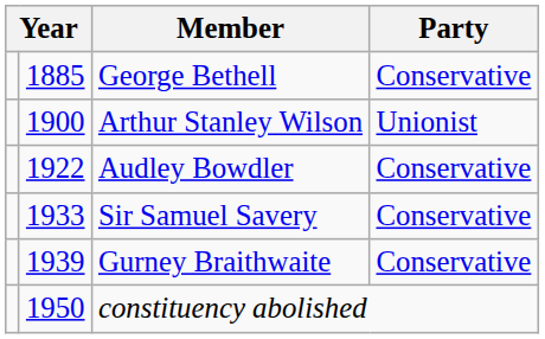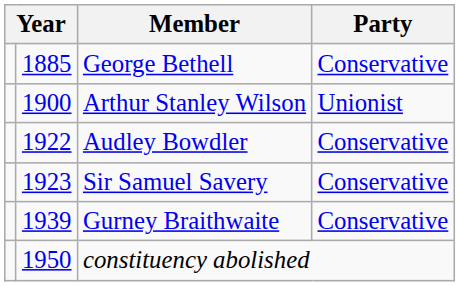 <table class="wikitable">
 <tr>
 <th colspan="2">Year</th>
 <th>Member</th>
 <th>Party</th>
 </tr>
 <tr>
 <td style="color:inherit;background-color: "></td>
 <td><a href='#'>1885</a></td>
 <td><a href='#'>George Bethell</a></td>
 <td><a href='#'>Conservative</a></td>
 </tr>
 <tr>
 <td style="color:inherit;background-color: "></td>
 <td><a href='#'>1900</a></td>
 <td><a href='#'>Arthur Stanley Wilson</a></td>
 <td><a href='#'>Unionist</a></td>
 </tr>
 <tr>
 <td style="color:inherit;background-color: "></td>
 <td><a href='#'>1922</a></td>
 <td><a href='#'>Audley Bowdler</a></td>
 <td><a href='#'>Conservative</a></td>
 </tr>
 <tr>
 <td style="color:inherit;background-color: "></td>
-<td><a href='#'>1933</a></td>
+<td><a href='#'>1923</a></td>
 <td><a href='#'>Sir Samuel Savery</a></td>
 <td><a href='#'>Conservative</a></td>
 </tr>
 <tr>
 <td style="color:inherit;background-color: "></td>
 <td><a href='#'>1939</a></td>
 <td><a href='#'>Gurney Braithwaite</a></td>
 <td><a href='#'>Conservative</a></td>
 </tr>
 <tr>
 <td></td>
 <td><a href='#'>1950</a></td>
 <td colspan="2"><em>constituency abolished</em></td>
 </tr>
 </table>
